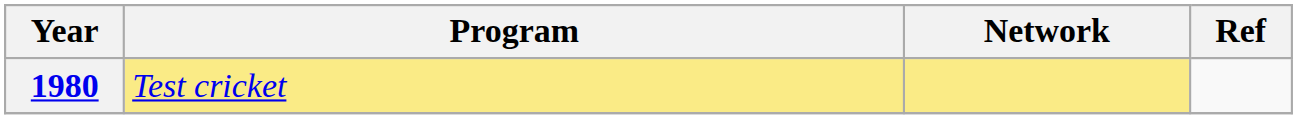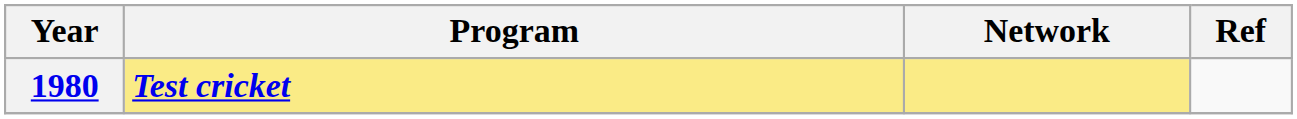 <table class="wikitable sortable">
 <tr style="background:#bebebe;">
 <th scope="col" style="width:1%;">Year</th>
 <th scope="col" style="width:16%;">Program</th>
 <th scope="col" style="width:4%;">Network</th>
 <th scope="col" style="width:1%;" class="unsortable">Ref</th>
 </tr>
 <tr>
 <th scope="row" style="text-align:center"><a href='#'>1980</a></th>
-<td style="background:#FAEB86"><em><a href='#'>Test cricket</a></em></td>
+<td style="background:#FAEB86"><strong><em><a href='#'>Test cricket</a></em></strong></td>
 <td style="background:#FAEB86"></td>
 <td></td>
 </tr>
 <tr>
 </tr>
 </table>
